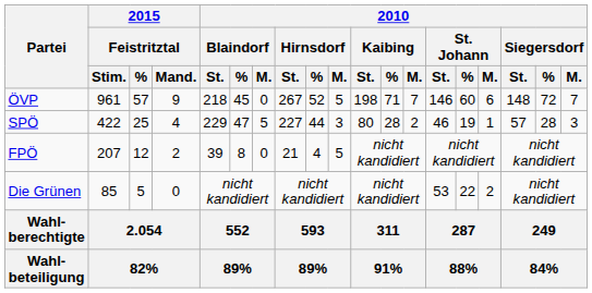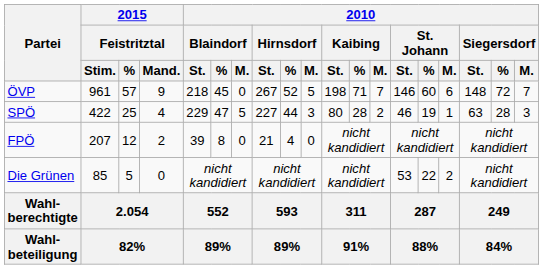 <table class="wikitable zebra" style="text-align:center; font-size:95%">
 <tr class="hintergrundfarbe9">
 <th rowspan="3">Partei</th>
 <th colspan="3"><a href='#'>2015</a></th>
 <th colspan="15"><a href='#'>2010</a></th>
 </tr>
 <tr class="hintergrundfarbe9">
 <th colspan="3">Feistritztal</th>
 <th colspan="3">Blaindorf</th>
 <th colspan="3">Hirnsdorf</th>
 <th colspan="3">Kaibing</th>
 <th colspan="3">St. Johann</th>
 <th colspan="3">Siegersdorf</th>
 </tr>
 <tr class="hintergrundfarbe9">
 <th>Stim.</th>
 <th>%</th>
 <th>Mand.</th>
 <th>St.</th>
 <th>%</th>
 <th>M.</th>
 <th>St.</th>
 <th>%</th>
 <th>M.</th>
 <th>St.</th>
 <th>%</th>
 <th>M.</th>
 <th>St.</th>
 <th>%</th>
 <th>M.</th>
 <th>St.</th>
 <th>%</th>
 <th>M.</th>
 </tr>
 <tr>
 <td style="text-align:left"><a href='#'>ÖVP</a></td>
 <td>961</td>
 <td>57</td>
 <td>9</td>
 <td>218</td>
 <td>45</td>
 <td>0</td>
 <td>267</td>
 <td>52</td>
 <td>5</td>
 <td>198</td>
 <td>71</td>
 <td>7</td>
 <td>146</td>
 <td>60</td>
 <td>6</td>
 <td>148</td>
 <td>72</td>
 <td>7</td>
 </tr>
 <tr>
 <td style="text-align:left"><a href='#'>SPÖ</a></td>
 <td>422</td>
 <td>25</td>
 <td>4</td>
 <td>229</td>
 <td>47</td>
 <td>5</td>
 <td>227</td>
 <td>44</td>
 <td>3</td>
 <td>80</td>
 <td>28</td>
 <td>2</td>
 <td>46</td>
 <td>19</td>
 <td>1</td>
-<td>57</td>
+<td>63</td>
 <td>28</td>
 <td>3</td>
 </tr>
 <tr>
 <td style="text-align:left"><a href='#'>FPÖ</a></td>
 <td>207</td>
 <td>12</td>
 <td>2</td>
 <td>39</td>
 <td>8</td>
 <td>0</td>
 <td>21</td>
 <td>4</td>
-<td>5</td>
+<td>0</td>
 <td colspan="3"><em>nicht kandidiert</em></td>
 <td colspan="3"><em>nicht kandidiert</em></td>
 <td colspan="3"><em>nicht kandidiert</em></td>
 </tr>
 <tr>
 <td style="text-align:left"><a href='#'>Die Grünen</a></td>
 <td>85</td>
 <td>5</td>
 <td>0</td>
 <td colspan="3"><em>nicht kandidiert</em></td>
 <td colspan="3"><em>nicht kandidiert</em></td>
 <td colspan="3"><em>nicht kandidiert</em></td>
 <td>53</td>
 <td>22</td>
 <td>2</td>
 <td colspan="3"><em>nicht kandidiert</em></td>
 </tr>
 <tr class="hintergrundfarbe9">
 <th>Wahl­berechtigte</th>
 <th colspan="3">2.054</th>
 <th colspan="3">552</th>
 <th colspan="3">593</th>
 <th colspan="3">311</th>
 <th colspan="3">287</th>
 <th colspan="3">249</th>
 </tr>
 <tr class="hintergrundfarbe9">
 <th>Wahl­beteiligung</th>
 <th colspan="3">82%</th>
 <th colspan="3">89%</th>
 <th colspan="3">89%</th>
 <th colspan="3">91%</th>
 <th colspan="3">88%</th>
 <th colspan="3">84%</th>
 </tr>
 </table>
